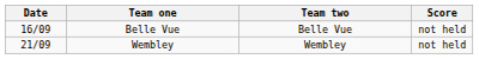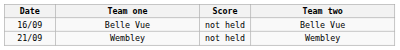 <table class="wikitable" style="text-align: center">
 <tr>
 <th width=80>Date</th>
 <th width=250>Team one</th>
+<th width=80>Score</th>
 <th width=250>Team two</th>
-<th width=80>Score</th>
 </tr>
 <tr>
 <td>16/09</td>
 <td>Belle Vue</td>
+<td>not held</td>
 <td>Belle Vue</td>
-<td>not held</td>
 </tr>
 <tr>
 <td>21/09</td>
 <td>Wembley</td>
+<td>not held</td>
 <td>Wembley</td>
-<td>not held</td>
 </tr>
 </table>
